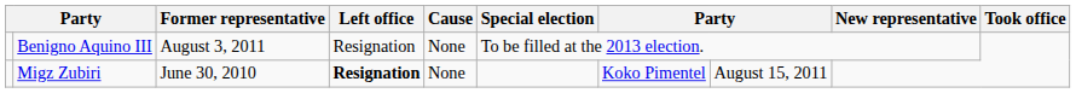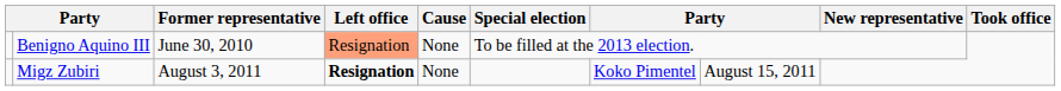 <table class=wikitable>
 <tr>
 <th colspan=2>Party</th>
 <th>Former representative</th>
 <th>Left office</th>
 <th>Cause</th>
 <th>Special election</th>
 <th colspan=2>Party</th>
 <th>New representative</th>
 <th>Took office</th>
 </tr>
 <tr>
 <td></td>
 <td><a href='#'>Benigno Aquino III</a></td>
-<td>August 3, 2011</td>
-<td>Resignation</td>
+<td>June 30, 2010</td>
+<td style="background: lightsalmon;">Resignation</td>
 <td>None</td>
 <td colspan=4>To be filled at the <a href='#'>2013 election</a>.</td>
 </tr>
 <tr>
 <td></td>
 <td><a href='#'>Migz Zubiri</a></td>
-<td>June 30, 2010</td>
+<td>August 3, 2011</td>
 <td><strong>Resignation</strong></td>
 <td>None</td>
 <td></td>
 <td><a href='#'>Koko Pimentel</a></td>
 <td>August 15, 2011</td>
 </tr>
 </table>
